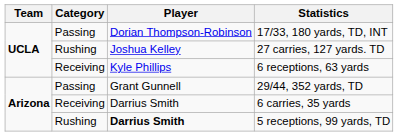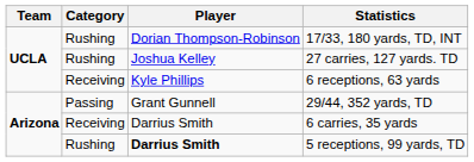 <table class="wikitable" style="float: right;">
 <tr>
 <th>Team</th>
 <th>Category</th>
 <th>Player</th>
 <th>Statistics</th>
 </tr>
 <tr>
 <td rowspan=3><strong>UCLA</strong></td>
-<td>Passing</td>
+<td>Rushing</td>
 <td><a href='#'>Dorian Thompson-Robinson</a></td>
 <td>17/33, 180 yards, TD, INT</td>
 </tr>
 <tr>
 <td>Rushing</td>
 <td><a href='#'>Joshua Kelley</a></td>
 <td>27 carries, 127 yards. TD</td>
 </tr>
 <tr>
 <td>Receiving</td>
 <td><a href='#'>Kyle Phillips</a></td>
 <td>6 receptions, 63 yards</td>
 </tr>
 <tr>
 <td rowspan=3><strong>Arizona</strong></td>
 <td>Passing</td>
 <td>Grant Gunnell</td>
 <td>29/44, 352 yards, TD</td>
 </tr>
 <tr>
 <td>Receiving</td>
 <td>Darrius Smith</td>
 <td>6 carries, 35 yards</td>
 </tr>
 <tr>
 <td>Rushing</td>
 <td><strong>Darrius Smith</strong></td>
 <td>5 receptions, 99 yards, TD</td>
 </tr>
 </table>
